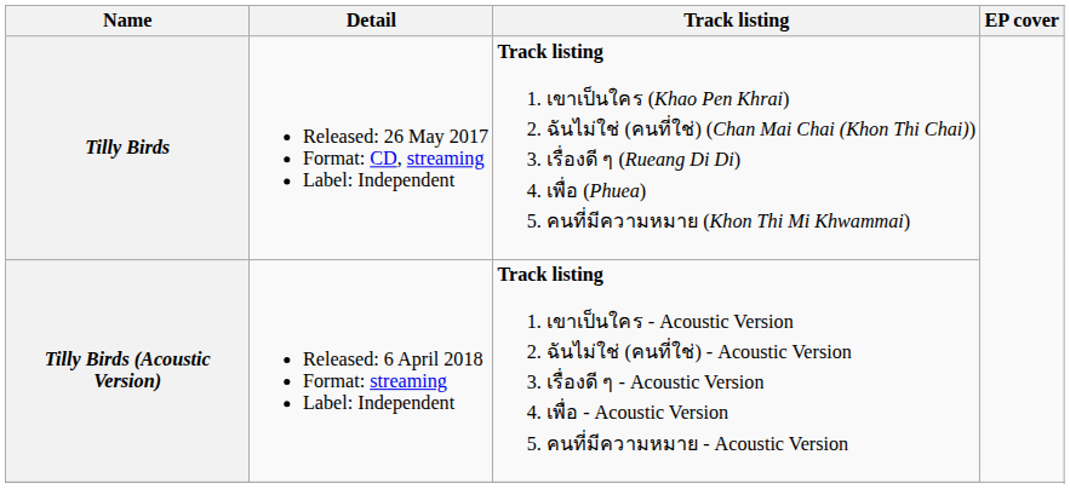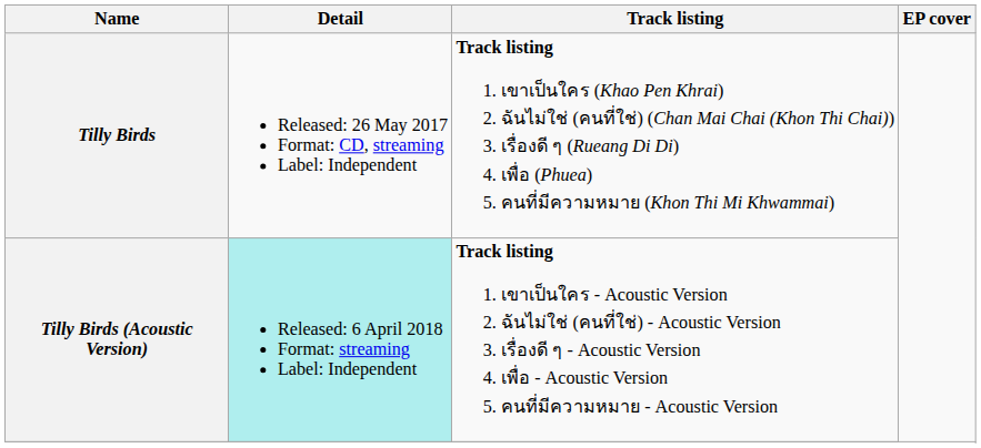 <table class="wikitable">
 <tr>
 <th style="width:12em;">Name</th>
 <th>Detail</th>
 <th>Track listing</th>
 <th>EP cover</th>
 </tr>
 <tr>
 <th><strong><em>Tilly Birds</em></strong></th>
 <td><br><ul><li>Released: 26 May 2017 </li><li>Format: <a href='#'>CD</a>, <a href='#'>streaming</a></li><li>Label: Independent</li></ul></td>
 <td><strong>Track listing</strong><br><ol><li>เขาเป็นใคร (<em>Khao Pen Khrai</em>)</li><li>ฉันไม่ใช่ (คนที่ใช่) (<em>Chan Mai Chai (Khon Thi Chai)</em>)</li><li>เรื่องดี ๆ (<em>Rueang Di Di</em>)</li><li>เพื่อ (<em>Phuea</em>)</li><li>คนที่มีความหมาย (<em>Khon Thi Mi Khwammai</em>)</li></ol></td>
 </tr>
 <tr>
 <th><strong><em>Tilly Birds (Acoustic Version)</em></strong></th>
-<td><br><ul><li>Released: 6 April 2018 </li><li>Format: <a href='#'>streaming</a></li><li>Label: Independent</li></ul></td>
+<td style="background: paleturquoise;"><br><ul><li>Released: 6 April 2018 </li><li>Format: <a href='#'>streaming</a></li><li>Label: Independent</li></ul></td>
 <td><strong>Track listing</strong><br><ol><li>เขาเป็นใคร - Acoustic Version</li><li>ฉันไม่ใช่ (คนที่ใช่) - Acoustic Version</li><li>เรื่องดี ๆ - Acoustic Version</li><li>เพื่อ - Acoustic Version</li><li>คนที่มีความหมาย - Acoustic Version</li></ol></td>
 </tr>
 <tr>
 </tr>
 </table>
